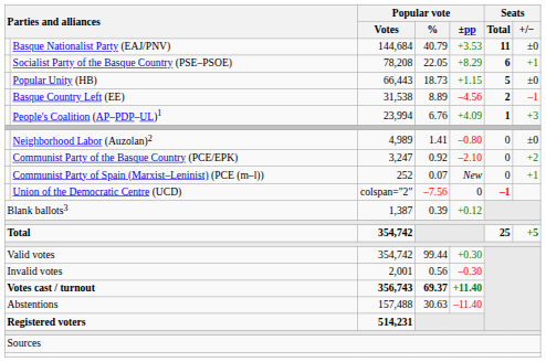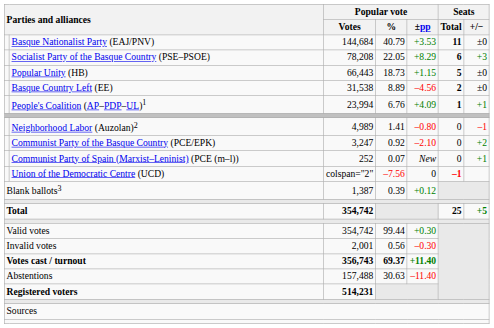 <table class="wikitable" style="text-align:right;">
 <tr>
 <th style="text-align:left;" rowspan="2" colspan="2" width="525">Parties and alliances</th>
 <th colspan="3">Popular vote</th>
 <th colspan="2">Seats</th>
 </tr>
 <tr>
 <th width="75">Votes</th>
 <th width="45">%</th>
 <th width="45">±<a href='#'>pp</a></th>
 <th width="35">Total</th>
 <th width="35">+/−</th>
 </tr>
 <tr>
 <td width="1" style="color:inherit;background:"></td>
 <td align="left"><a href='#'>Basque Nationalist Party</a> (EAJ/PNV)</td>
 <td>144,684</td>
 <td>40.79</td>
 <td style="color:green;">+3.53</td>
 <td><strong>11</strong></td>
 <td>±0</td>
 </tr>
 <tr>
 <td style="color:inherit;background:"></td>
 <td align="left"><a href='#'>Socialist Party of the Basque Country</a> (PSE–PSOE)</td>
 <td>78,208</td>
 <td>22.05</td>
 <td style="color:green;">+8.29</td>
 <td><strong>6</strong></td>
-<td style="color:green;">+1</td>
+<td style="color:green;">+3</td>
 </tr>
 <tr>
 <td style="color:inherit;background:"></td>
 <td align="left"><a href='#'>Popular Unity</a> (HB)</td>
 <td>66,443</td>
 <td>18.73</td>
 <td style="color:green;">+1.15</td>
 <td><strong>5</strong></td>
 <td>±0</td>
 </tr>
 <tr>
 <td style="color:inherit;background:"></td>
 <td align="left"><a href='#'>Basque Country Left</a> (EE)</td>
 <td>31,538</td>
 <td>8.89</td>
 <td style="color:red;">–4.56</td>
 <td><strong>2</strong></td>
-<td style="color:red;">–1</td>
+<td>±0</td>
 </tr>
 <tr>
 <td style="color:inherit;background:"></td>
 <td align="left"><a href='#'>People's Coalition</a> (<a href='#'>AP</a>–<a href='#'>PDP</a>–<a href='#'>UL</a>)<sup>1</sup></td>
 <td>23,994</td>
 <td>6.76</td>
 <td style="color:green;">+4.09</td>
 <td><strong>1</strong></td>
-<td style="color:green;">+3</td>
+<td style="color:green;">+1</td>
 </tr>
 <tr>
 <td colspan="7" bgcolor="#C0C0C0"></td>
 </tr>
 <tr>
 <td style="color:inherit;background:"></td>
 <td align="left"><a href='#'>Neighborhood Labor</a> (Auzolan)<sup>2</sup></td>
 <td>4,989</td>
 <td>1.41</td>
 <td style="color:red;">–0.80</td>
 <td>0</td>
-<td>±0</td>
+<td style="color:red;">–1</td>
 </tr>
 <tr>
 <td style="color:inherit;background:"></td>
 <td align="left"><a href='#'>Communist Party of the Basque Country</a> (PCE/EPK)</td>
 <td>3,247</td>
 <td>0.92</td>
 <td style="color:red;">–2.10</td>
 <td>0</td>
 <td style="color:green;">+2</td>
 </tr>
 <tr>
 <td style="color:inherit;background:"></td>
 <td align="left"><a href='#'>Communist Party of Spain (Marxist–Leninist)</a> (PCE (m–l))</td>
 <td>252</td>
 <td>0.07</td>
 <td><em>New</em></td>
 <td>0</td>
 <td style="color:green;">+1</td>
 </tr>
 <tr>
 <td style="color:inherit;background:"></td>
 <td align="left"><a href='#'>Union of the Democratic Centre</a> (UCD)</td>
 <td>colspan="2" </td>
 <td style="color:red;">–7.56</td>
 <td>0</td>
 <td style="color:red;"><strong>–1</strong></td>
 </tr>
 <tr>
 <td align="left" colspan="2">Blank ballots<sup>3</sup></td>
 <td>1,387</td>
 <td>0.39</td>
 <td style="color:green;">+0.12</td>
 <td bgcolor="#E9E9E9" colspan="2"></td>
 </tr>
 <tr>
 <td colspan="7" bgcolor="#E9E9E9"></td>
 </tr>
 <tr style="font-weight:bold;">
 <td align="left" colspan="2">Total</td>
 <td>354,742</td>
 <td bgcolor="#E9E9E9" colspan="2"></td>
 <td>25</td>
 <td style="color:green;">+5</td>
 </tr>
 <tr>
 <td colspan="7" bgcolor="#E9E9E9"></td>
 </tr>
 <tr>
 <td align="left" colspan="2">Valid votes</td>
 <td>354,742</td>
 <td>99.44</td>
 <td style="color:green;">+0.30</td>
 <td bgcolor="#E9E9E9" colspan="2" rowspan="5"></td>
 </tr>
 <tr>
 <td align="left" colspan="2">Invalid votes</td>
 <td>2,001</td>
 <td>0.56</td>
 <td style="color:red;">–0.30</td>
 </tr>
 <tr style="font-weight:bold;">
 <td align="left" colspan="2">Votes cast / turnout</td>
 <td>356,743</td>
 <td>69.37</td>
 <td style="color:green;">+11.40</td>
 </tr>
 <tr>
 <td align="left" colspan="2">Abstentions</td>
 <td>157,488</td>
 <td>30.63</td>
 <td style="color:red;">–11.40</td>
 </tr>
 <tr style="font-weight:bold;">
 <td align="left" colspan="2">Registered voters</td>
 <td>514,231</td>
 <td bgcolor="#E9E9E9" colspan="2"></td>
 </tr>
 <tr>
 <td colspan="7" bgcolor="#E9E9E9"></td>
 </tr>
 <tr>
 <td align="left" colspan="7">Sources</td>
 </tr>
 <tr>
 <td colspan="7" style="text-align:left; max-width:790px;"></td>
 </tr>
 </table>
